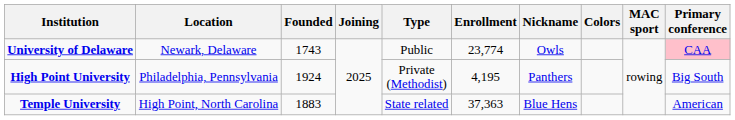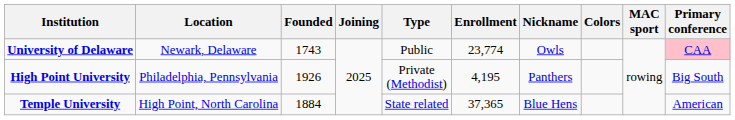 <table class="wikitable sortable" style="text-align:center">
 <tr>
 <th width=px>Institution</th>
 <th width=px>Location</th>
 <th width=px>Founded</th>
 <th width=px>Joining</th>
 <th width=px>Type</th>
 <th width=px>Enrollment</th>
 <th width=px>Nickname</th>
 <th class="unsortable" ! width=px>Colors</th>
 <th width=px>MAC<br>sport</th>
 <th width=px>Primary<br>conference</th>
 </tr>
 <tr>
 <td><strong><a href='#'>University of Delaware</a></strong></td>
 <td><a href='#'>Newark, Delaware</a></td>
 <td>1743</td>
 <td rowspan=3>2025</td>
 <td>Public</td>
 <td>23,774</td>
 <td><a href='#'>Owls</a></td>
 <td></td>
 <td rowspan=3>rowing</td>
 <td style="background: pink;"><a href='#'>CAA</a><br></td>
 </tr>
 <tr>
 <td><strong><a href='#'>High Point University</a></strong></td>
 <td><a href='#'>Philadelphia, Pennsylvania</a></td>
-<td>1924</td>
+<td>1926</td>
 <td>Private<br>(<a href='#'>Methodist</a>)</td>
 <td>4,195</td>
 <td><a href='#'>Panthers</a></td>
 <td></td>
 <td><a href='#'>Big South</a></td>
 </tr>
 <tr>
 <td><strong><a href='#'>Temple University</a></strong></td>
 <td><a href='#'>High Point, North Carolina</a></td>
-<td>1883</td>
+<td>1884</td>
 <td><a href='#'>State related</a></td>
-<td>37,363</td>
+<td>37,365</td>
 <td><a href='#'>Blue Hens</a></td>
 <td></td>
 <td><a href='#'>American</a></td>
 </tr>
 </table>
